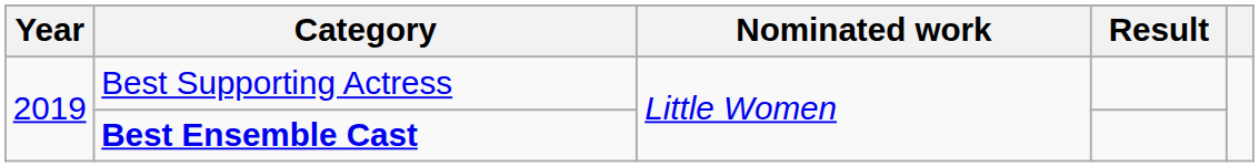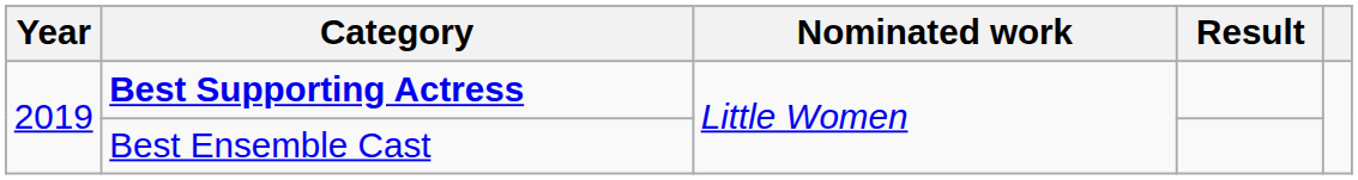 <table class="wikitable sortable">
 <tr>
 <th scope="col" style="width:1em;">Year</th>
 <th scope="col" style="width:39em;">Category</th>
 <th scope="col" style="width:30em;">Nominated work</th>
 <th scope="col" style="width:5em;">Result</th>
 <th scope="col" style="width:1em;"class="unsortable"></th>
 </tr>
 <tr>
 <td rowspan="2"><a href='#'>2019</a></td>
-<td><a href='#'>Best Supporting Actress</a></td>
+<td><strong><a href='#'>Best Supporting Actress</a></strong></td>
 <td rowspan="2"><em><a href='#'>Little Women</a></em></td>
 <td></td>
 <td align="center" rowspan="2"></td>
 </tr>
 <tr>
-<td><strong><a href='#'>Best Ensemble Cast</a></strong></td>
+<td><a href='#'>Best Ensemble Cast</a></td>
 <td></td>
 </tr>
 </table>
